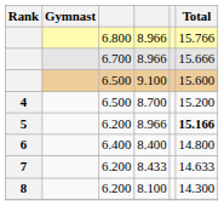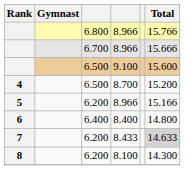 <table class="wikitable sortable" style="text-align:center; font-size:95%">
 <tr>
 <th scope=col>Rank</th>
 <th scope=col>Gymnast</th>
 <th scope=col></th>
 <th scope=col></th>
 <th scope=col></th>
 <th scope=col>Total</th>
 </tr>
 <tr bgcolor=fffcaf>
 <th scope=row></th>
 <td align=left></td>
 <td>6.800</td>
 <td>8.966</td>
 <td></td>
 <td>15.766</td>
 </tr>
 <tr bgcolor=e5e5e5>
 <th scope=row></th>
 <td align=left></td>
 <td>6.700</td>
 <td>8.966</td>
 <td></td>
 <td>15.666</td>
 </tr>
 <tr bgcolor=eecc99>
 <th scope=row></th>
 <td align=left></td>
 <td>6.500</td>
 <td>9.100</td>
 <td></td>
 <td>15.600</td>
 </tr>
 <tr>
 <th scope=row>4</th>
 <td align=left></td>
 <td>6.500</td>
 <td>8.700</td>
 <td></td>
 <td>15.200</td>
 </tr>
 <tr>
 <th scope=row>5</th>
 <td align=left></td>
 <td>6.200</td>
 <td>8.966</td>
 <td></td>
-<td><strong>15.166</strong></td>
+<td>15.166</td>
 </tr>
 <tr>
 <th scope=row>6</th>
 <td align=left></td>
 <td>6.400</td>
 <td>8.400</td>
 <td></td>
 <td>14.800</td>
 </tr>
 <tr>
 <th scope=row>7</th>
 <td align=left></td>
 <td>6.200</td>
 <td>8.433</td>
 <td></td>
-<td>14.633</td>
+<td style="background: lightgrey;">14.633</td>
 </tr>
 <tr>
 <th scope=row>8</th>
 <td align=left></td>
 <td>6.200</td>
 <td>8.100</td>
 <td></td>
 <td>14.300</td>
 </tr>
 <tr>
 </tr>
 </table>
